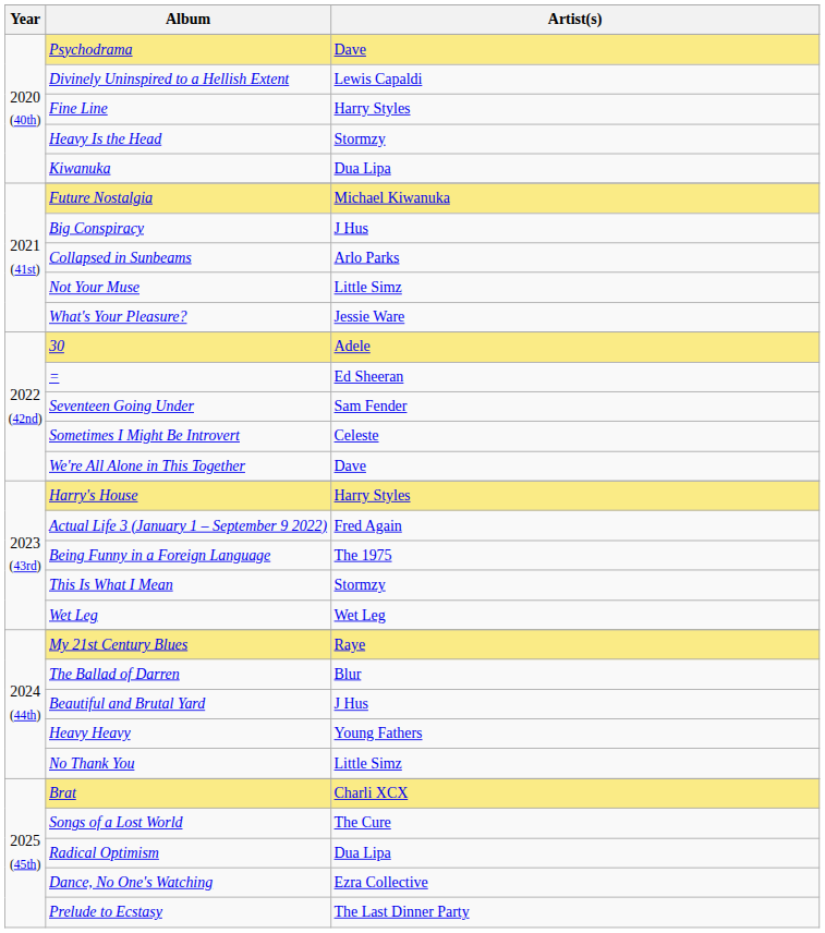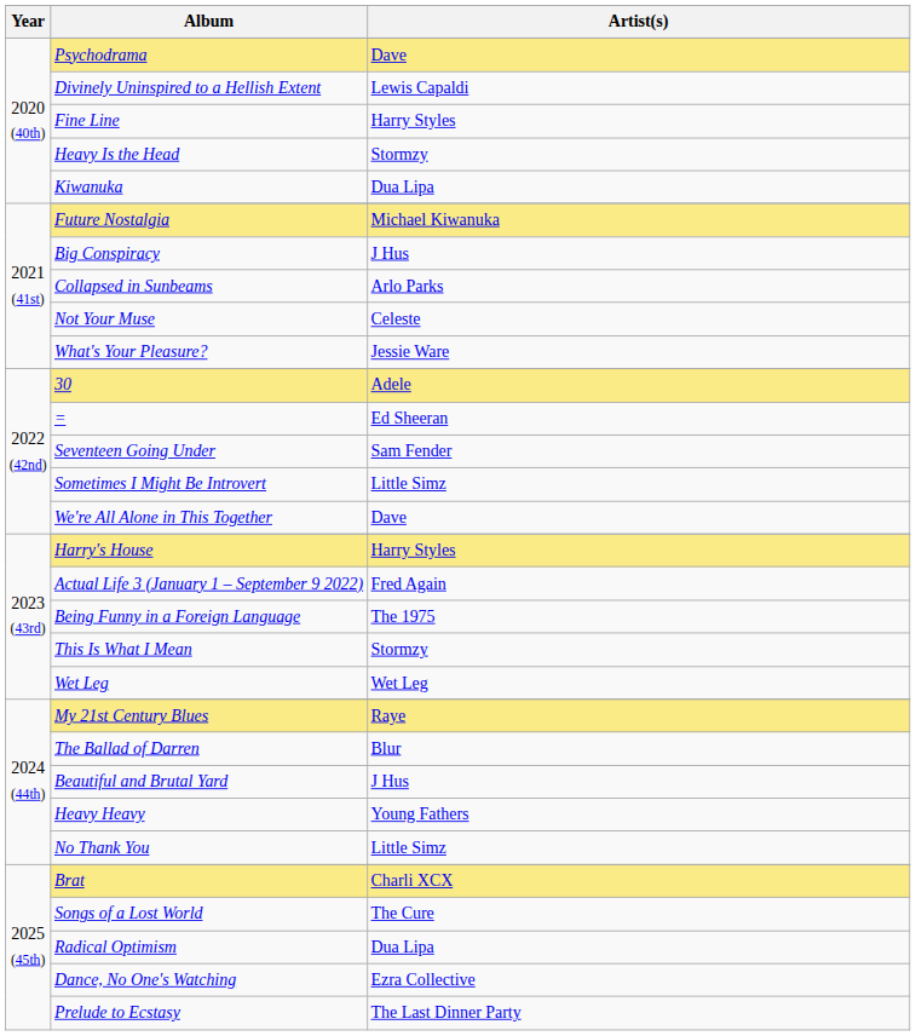 <table class="wikitable" style="font-size:1.00em; line-height:1.5em;">
 <tr bgcolor="#bebebe">
 </tr>
 <tr bgcolor="#bebebe">
 <th width="5%">Year</th>
 <th width="35%">Album</th>
 <th width="60%">Artist(s)</th>
 </tr>
 <tr>
 <td rowspan="6" style="text-align:center;">2020 <br><small>(<a href='#'>40th</a>)</small></td>
 </tr>
 <tr style="background:#FAEB86;">
 <td><em><a href='#'>Psychodrama</a></em></td>
 <td><a href='#'>Dave</a></td>
 </tr>
 <tr>
 <td><em><a href='#'>Divinely Uninspired to a Hellish Extent</a></em></td>
 <td><a href='#'>Lewis Capaldi</a></td>
 </tr>
 <tr>
 <td><em><a href='#'>Fine Line</a></em></td>
 <td><a href='#'>Harry Styles</a></td>
 </tr>
 <tr>
 <td><em><a href='#'>Heavy Is the Head</a></em></td>
 <td><a href='#'>Stormzy</a></td>
 </tr>
 <tr>
 <td><em><a href='#'>Kiwanuka</a></em></td>
 <td><a href='#'>Dua Lipa</a></td>
 </tr>
 <tr>
 <td rowspan="6" style="text-align:center;">2021 <br><small>(<a href='#'>41st</a>)</small></td>
 </tr>
 <tr style="background:#FAEB86;">
 <td><em><a href='#'>Future Nostalgia</a></em></td>
 <td><a href='#'>Michael Kiwanuka</a></td>
 </tr>
 <tr>
 <td><em><a href='#'>Big Conspiracy</a></em></td>
 <td><a href='#'>J Hus</a></td>
 </tr>
 <tr>
 <td><em><a href='#'>Collapsed in Sunbeams</a></em></td>
 <td><a href='#'>Arlo Parks</a></td>
 </tr>
 <tr>
 <td><em><a href='#'>Not Your Muse</a></em></td>
-<td><a href='#'>Little Simz</a></td>
+<td><a href='#'>Celeste</a></td>
 </tr>
 <tr>
 <td><em><a href='#'>What's Your Pleasure?</a></em></td>
 <td><a href='#'>Jessie Ware</a></td>
 </tr>
 <tr>
 <td rowspan="6" style="text-align:center;">2022 <br><small>(<a href='#'>42nd</a>)</small></td>
 </tr>
 <tr style="background:#FAEB86;">
 <td><em><a href='#'>30</a></em></td>
 <td><a href='#'>Adele</a></td>
 </tr>
 <tr>
 <td><em><a href='#'>=</a></em></td>
 <td><a href='#'>Ed Sheeran</a></td>
 </tr>
 <tr>
 <td><em><a href='#'>Seventeen Going Under</a></em></td>
 <td><a href='#'>Sam Fender</a></td>
 </tr>
 <tr>
 <td><em><a href='#'>Sometimes I Might Be Introvert</a></em></td>
-<td><a href='#'>Celeste</a></td>
+<td><a href='#'>Little Simz</a></td>
 </tr>
 <tr>
 <td><em><a href='#'>We're All Alone in This Together</a></em></td>
 <td><a href='#'>Dave</a></td>
 </tr>
 <tr>
 <td rowspan="6" style="text-align:center;">2023 <br><small>(<a href='#'>43rd</a>)</small></td>
 </tr>
 <tr style="background:#FAEB86;">
 <td><em><a href='#'>Harry's House</a></em></td>
 <td><a href='#'>Harry Styles</a></td>
 </tr>
 <tr>
 <td><em><a href='#'>Actual Life 3 (January 1 – September 9 2022)</a></em></td>
 <td><a href='#'>Fred Again</a></td>
 </tr>
 <tr>
 <td><em><a href='#'>Being Funny in a Foreign Language</a></em></td>
 <td><a href='#'>The 1975</a></td>
 </tr>
 <tr>
 <td><em><a href='#'>This Is What I Mean</a></em></td>
 <td><a href='#'>Stormzy</a></td>
 </tr>
 <tr>
 <td><em><a href='#'>Wet Leg</a></em></td>
 <td><a href='#'>Wet Leg</a></td>
 </tr>
 <tr>
 <td rowspan="6" style="text-align:center;">2024 <br><small>(<a href='#'>44th</a>)</small></td>
 </tr>
 <tr style="background:#FAEB86;">
 <td><em><a href='#'>My 21st Century Blues</a></em></td>
 <td><a href='#'>Raye</a></td>
 </tr>
 <tr>
 <td><em><a href='#'>The Ballad of Darren</a></em></td>
 <td><a href='#'>Blur</a></td>
 </tr>
 <tr>
 <td><em><a href='#'>Beautiful and Brutal Yard</a></em></td>
 <td><a href='#'>J Hus</a></td>
 </tr>
 <tr>
 <td><em><a href='#'>Heavy Heavy</a></em></td>
 <td><a href='#'>Young Fathers</a></td>
 </tr>
 <tr>
 <td><em><a href='#'>No Thank You</a></em></td>
 <td><a href='#'>Little Simz</a></td>
 </tr>
 <tr>
 <td rowspan="6" style="text-align:center;">2025 <br><small>(<a href='#'>45th</a>)</small></td>
 </tr>
 <tr style="background:#FAEB86;">
 <td><em><a href='#'>Brat</a></em></td>
 <td><a href='#'>Charli XCX</a></td>
 </tr>
 <tr>
 <td><em><a href='#'>Songs of a Lost World</a></em></td>
 <td><a href='#'>The Cure</a></td>
 </tr>
 <tr>
 <td><em><a href='#'>Radical Optimism</a></em></td>
 <td><a href='#'>Dua Lipa</a></td>
 </tr>
 <tr>
 <td><em><a href='#'>Dance, No One's Watching</a></em></td>
 <td><a href='#'>Ezra Collective</a></td>
 </tr>
 <tr>
 <td><em><a href='#'>Prelude to Ecstasy</a></em></td>
 <td><a href='#'>The Last Dinner Party</a></td>
 </tr>
 </table>
